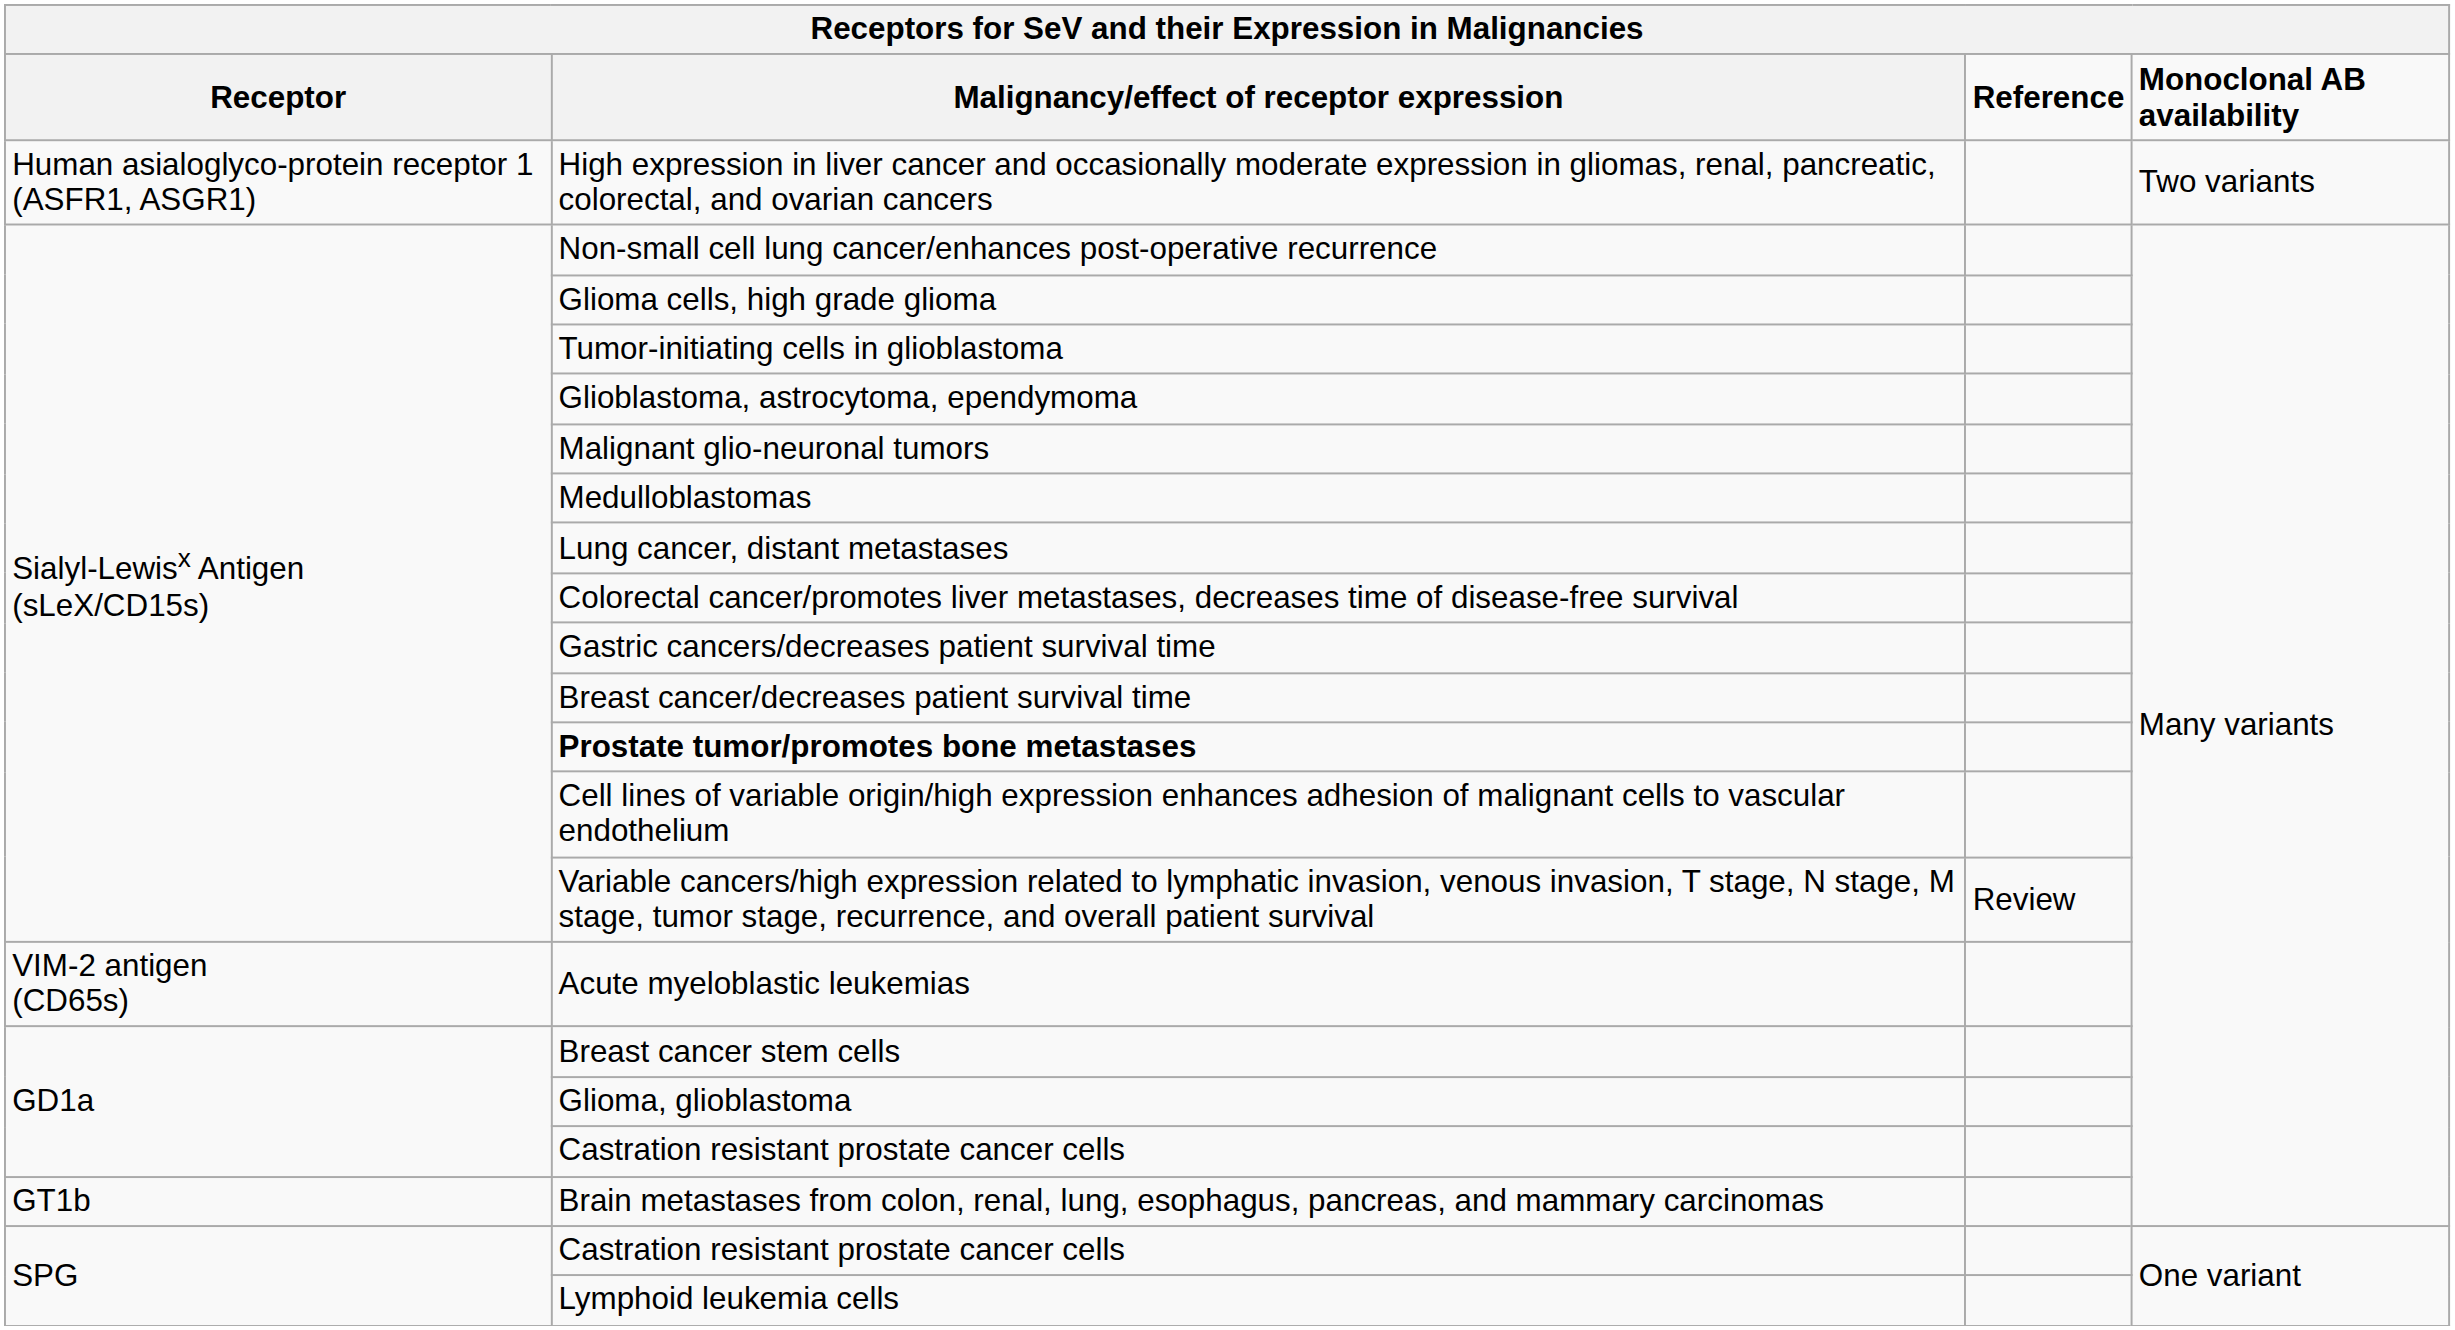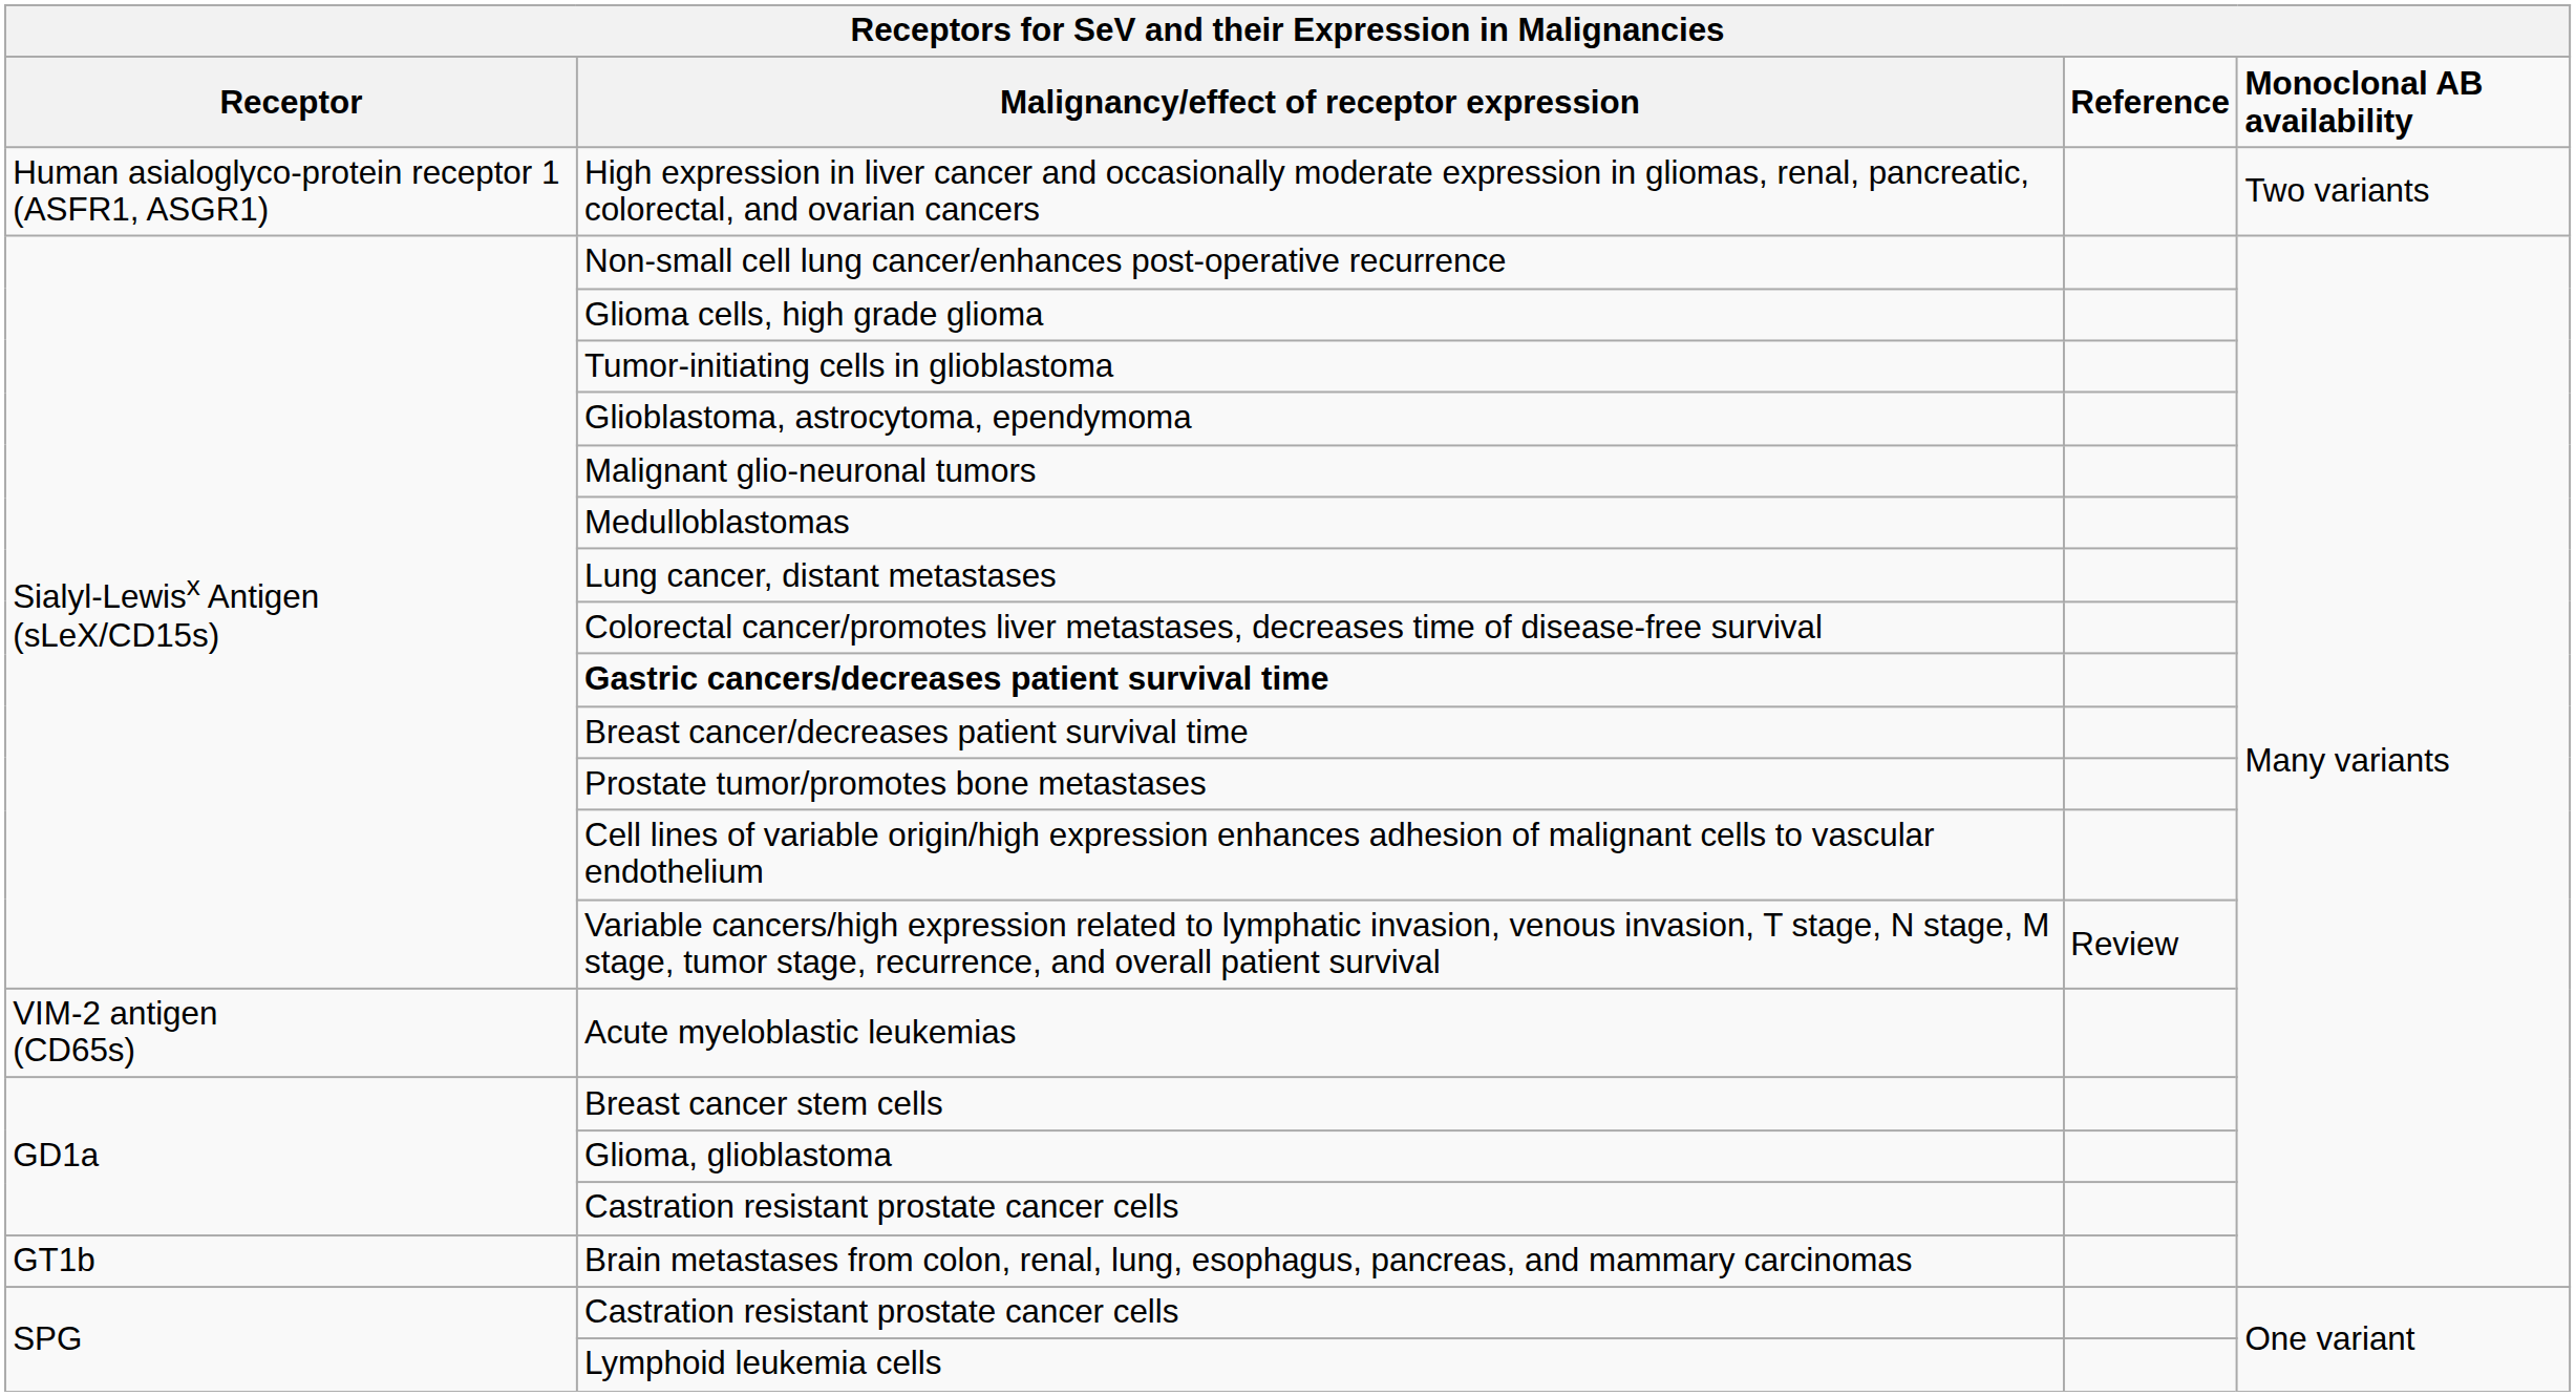 <table class="wikitable">
 <tr>
 <th colspan="4"><strong>Receptors for SeV and their Expression in Malignancies</strong></th>
 </tr>
 <tr>
 <th><strong>Receptor</strong></th>
 <th><strong>Malignancy/effect of receptor expression</strong></th>
 <td><strong>Reference</strong></td>
 <td><strong>Monoclonal AB availability</strong></td>
 </tr>
 <tr>
 <td>Human asialoglyco-protein receptor 1 (ASFR1, ASGR1)</td>
 <td>High expression in liver cancer and occasionally moderate expression in gliomas, renal, pancreatic,  colorectal, and ovarian cancers</td>
 <td></td>
 <td>Two variants  </td>
 </tr>
 <tr>
 <td rowspan="13">Sialyl-Lewis<sup>x</sup> Antigen<br>(sLeX/CD15s)</td>
 <td>Non-small cell lung cancer/enhances post-operative recurrence</td>
 <td></td>
 <td rowspan="18">Many variants<br></td>
 </tr>
 <tr>
 <td>Glioma cells, high grade glioma</td>
 <td></td>
 </tr>
 <tr>
 <td>Tumor-initiating cells in glioblastoma</td>
 <td></td>
 </tr>
 <tr>
 <td>Glioblastoma, astrocytoma, ependymoma</td>
 <td></td>
 </tr>
 <tr>
 <td>Malignant glio-neuronal tumors</td>
 <td></td>
 </tr>
 <tr>
 <td>Medulloblastomas</td>
 <td></td>
 </tr>
 <tr>
 <td>Lung cancer, distant metastases</td>
 <td></td>
 </tr>
 <tr>
 <td>Colorectal cancer/promotes liver metastases, decreases time of disease-free survival</td>
 <td></td>
 </tr>
 <tr>
-<td>Gastric cancers/decreases patient survival time</td>
+<td><strong>Gastric cancers/decreases patient survival time</strong></td>
 <td></td>
 </tr>
 <tr>
 <td>Breast cancer/decreases patient survival time</td>
 <td></td>
 </tr>
 <tr>
-<td><strong>Prostate tumor/promotes bone metastases</strong></td>
+<td>Prostate tumor/promotes bone metastases</td>
 <td></td>
 </tr>
 <tr>
 <td>Cell lines of variable origin/high expression enhances adhesion of malignant cells to vascular endothelium</td>
 <td></td>
 </tr>
 <tr>
 <td>Variable cancers/high expression related to lymphatic invasion,  venous invasion, T stage, N stage, M stage, tumor stage, recurrence, and overall patient survival</td>
 <td>Review</td>
 </tr>
 <tr>
 <td>VIM-2 antigen<br>(CD65s)</td>
 <td>Acute myeloblastic leukemias</td>
 <td></td>
 </tr>
 <tr>
 <td rowspan="3">GD1a</td>
 <td>Breast cancer stem cells</td>
 <td></td>
 </tr>
 <tr>
 <td>Glioma, glioblastoma</td>
 <td></td>
 </tr>
 <tr>
 <td>Castration resistant prostate cancer cells</td>
 <td></td>
 </tr>
 <tr>
 <td>GT1b</td>
 <td>Brain metastases from colon, renal, lung, esophagus, pancreas,  and mammary carcinomas</td>
 <td></td>
 </tr>
 <tr>
 <td rowspan="2">SPG</td>
 <td>Castration resistant prostate cancer cells</td>
 <td></td>
 <td rowspan="2">One variant<br></td>
 </tr>
 <tr>
 <td>Lymphoid leukemia cells</td>
 <td></td>
 </tr>
 </table>
